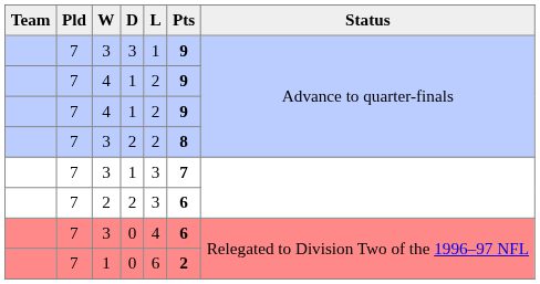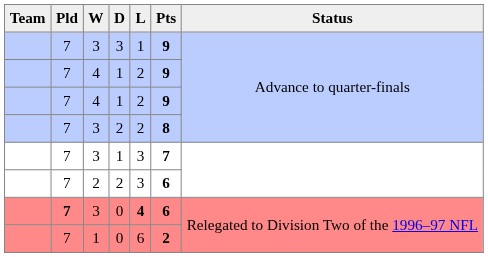 <table style=border-collapse:collapse border=1 cellspacing=0 cellpadding=5>
 <tr align=center bgcolor=#efefef>
 <th>Team</th>
 <th>Pld</th>
 <th>W</th>
 <th>D</th>
 <th>L</th>
 <th>Pts</th>
 <th>Status</th>
 </tr>
 <tr align=center style="background:#bbccff;">
 <td style="text-align:left;"> </td>
 <td>7</td>
 <td>3</td>
 <td>3</td>
 <td>1</td>
 <td><strong>9</strong></td>
 <td rowspan=4>Advance to quarter-finals</td>
 </tr>
 <tr align=center style="background:#bbccff;">
 <td style="text-align:left;"> </td>
 <td>7</td>
 <td>4</td>
 <td>1</td>
 <td>2</td>
 <td><strong>9</strong></td>
 </tr>
 <tr align=center style="background:#bbccff;">
 <td style="text-align:left;"> </td>
 <td>7</td>
 <td>4</td>
 <td>1</td>
 <td>2</td>
 <td><strong>9</strong></td>
 </tr>
 <tr align=center style="background:#bbccff;">
 <td style="text-align:left;"> </td>
 <td>7</td>
 <td>3</td>
 <td>2</td>
 <td>2</td>
 <td><strong>8</strong></td>
 </tr>
 <tr align=center style="background:#FFFFFF;">
 <td style="text-align:left;"> </td>
 <td>7</td>
 <td>3</td>
 <td>1</td>
 <td>3</td>
 <td><strong>7</strong></td>
 <td rowspan=2></td>
 </tr>
 <tr align=center style="background:#FFFFFF;">
 <td style="text-align:left;"> </td>
 <td>7</td>
 <td>2</td>
 <td>2</td>
 <td>3</td>
 <td><strong>6</strong></td>
 </tr>
 <tr align=center style="background:#FF8888;">
 <td style="text-align:left;"> </td>
-<td>7</td>
+<td><strong>7</strong></td>
 <td>3</td>
 <td>0</td>
-<td>4</td>
+<td><strong>4</strong></td>
 <td><strong>6</strong></td>
 <td rowspan=2>Relegated to Division Two of the <a href='#'>1996–97 NFL</a></td>
 </tr>
 <tr align=center style="background:#FF8888;">
 <td style="text-align:left;"> </td>
 <td>7</td>
 <td>1</td>
 <td>0</td>
 <td>6</td>
 <td><strong>2</strong></td>
 </tr>
 </table>
